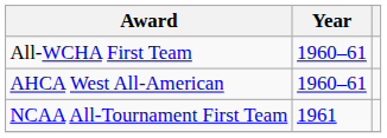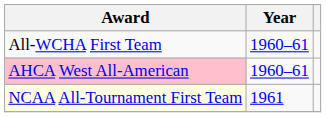 <table class="wikitable">
 <tr>
 <th>Award</th>
 <th>Year</th>
 <th></th>
 </tr>
 <tr>
 <td>All-<a href='#'>WCHA</a> <a href='#'>First Team</a></td>
 <td><a href='#'>1960–61</a></td>
 <td></td>
 </tr>
 <tr>
-<td><a href='#'>AHCA</a> <a href='#'>West All-American</a></td>
+<td style="background: pink;"><a href='#'>AHCA</a> <a href='#'>West All-American</a></td>
 <td><a href='#'>1960–61</a></td>
 <td></td>
 </tr>
 <tr>
-<td><a href='#'>NCAA</a> <a href='#'>All-Tournament First Team</a></td>
+<td style="background: lightyellow;"><a href='#'>NCAA</a> <a href='#'>All-Tournament First Team</a></td>
 <td><a href='#'>1961</a></td>
 <td></td>
 </tr>
 <tr>
 </tr>
 </table>
